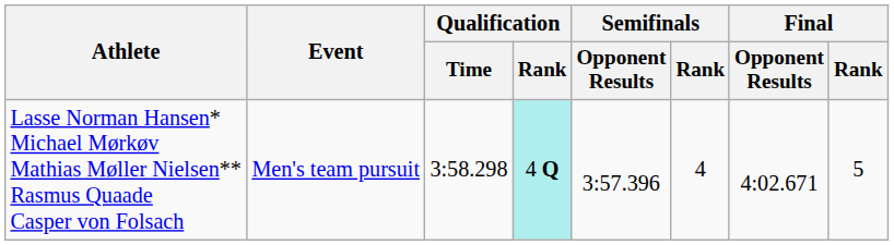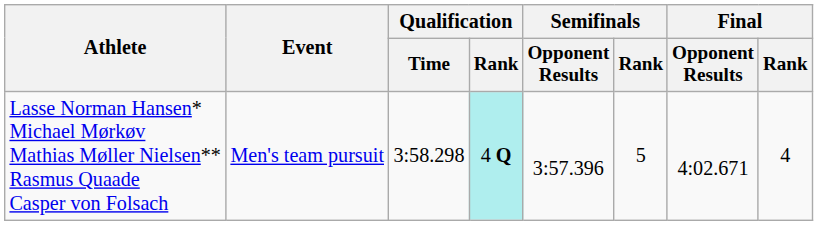 <table class="wikitable" style="font-size:90%">
 <tr>
 <th rowspan="2">Athlete</th>
 <th rowspan="2">Event</th>
 <th colspan=2>Qualification</th>
 <th colspan=2>Semifinals</th>
 <th colspan=2>Final</th>
 </tr>
 <tr style="font-size:95%">
 <th>Time</th>
 <th>Rank</th>
 <th>Opponent<br>Results</th>
 <th>Rank</th>
 <th>Opponent<br>Results</th>
 <th>Rank</th>
 </tr>
 <tr align=center>
 <td align=left><a href='#'>Lasse Norman Hansen</a>*<br><a href='#'>Michael Mørkøv</a><br><a href='#'>Mathias Møller Nielsen</a>**<br><a href='#'>Rasmus Quaade</a><br><a href='#'>Casper von Folsach</a></td>
 <td align=left><a href='#'>Men's team pursuit</a></td>
 <td>3:58.298</td>
 <td style="background: paleturquoise;">4 <strong>Q</strong></td>
 <td><br>3:57.396</td>
+<td>5</td>
+<td><br>4:02.671</td>
 <td>4</td>
-<td><br>4:02.671</td>
-<td>5</td>
 </tr>
 </table>
